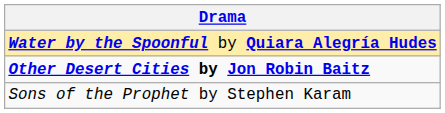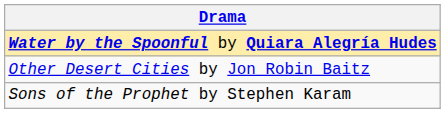 <table class="wikitable" style="float:left; float:none;">
 <tr>
 <th><a href='#'>Drama</a></th>
 </tr>
 <tr>
 <td style="background:#fea;"><strong><em><a href='#'>Water by the Spoonful</a></em></strong> by <strong><a href='#'>Quiara Alegría Hudes</a></strong></td>
 </tr>
 <tr>
-<td><strong><em><a href='#'>Other Desert Cities</a></em> by <a href='#'>Jon Robin Baitz</a></strong></td>
+<td><em><a href='#'>Other Desert Cities</a></em> by <a href='#'>Jon Robin Baitz</a></td>
 </tr>
 <tr>
 <td><em>Sons of the Prophet</em> by Stephen Karam</td>
 </tr>
 </table>
